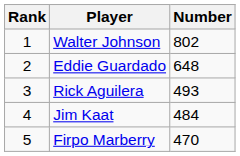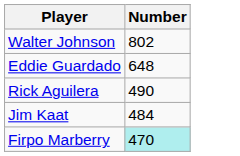 <table class="wikitable" style="font-size: 95%; text-align:left;">
 <tr>
-<th>Rank</th>
 <th>Player</th>
 <th>Number</th>
 </tr>
 <tr>
-<td align="center">1</td>
 <td><a href='#'>Walter Johnson</a></td>
 <td>802</td>
 </tr>
 <tr>
-<td align="center">2</td>
 <td><a href='#'>Eddie Guardado</a></td>
 <td>648</td>
 </tr>
 <tr>
-<td align="center">3</td>
 <td><a href='#'>Rick Aguilera</a></td>
-<td>493</td>
+<td>490</td>
 </tr>
 <tr>
-<td align="center">4</td>
 <td><a href='#'>Jim Kaat</a></td>
 <td>484</td>
 </tr>
 <tr>
-<td align="center">5</td>
 <td><a href='#'>Firpo Marberry</a></td>
-<td>470</td>
+<td style="background: paleturquoise;">470</td>
 </tr>
 </table>
